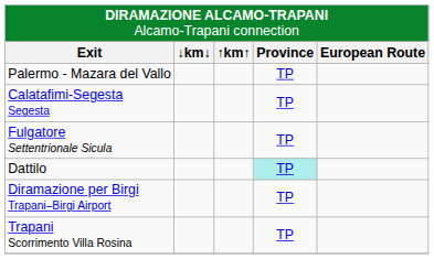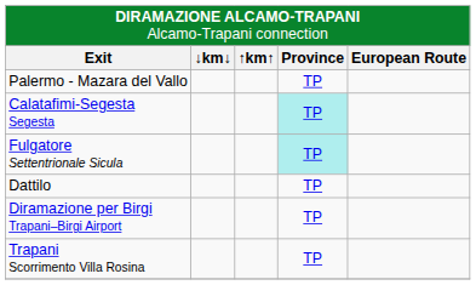 <table class="wikitable" border="1">
 <tr align="center" bgcolor="08842C" style="color: white;font-size:100%;">
 <td colspan="6"><strong> DIRAMAZIONE ALCAMO-TRAPANI</strong><br>Alcamo-Trapani connection</td>
 </tr>
 <tr>
 <th style="text-align:center;"><strong>Exit</strong></th>
 <th style="text-align:center;"><strong>↓km↓</strong></th>
 <th style="text-align:center;"><strong>↑km↑</strong></th>
 <th align="center"><strong>Province</strong></th>
 <th align="center"><strong>European Route</strong></th>
 </tr>
 <tr>
 <td>   Palermo - Mazara del Vallo</td>
 <td align="right"></td>
 <td align="right"></td>
 <td align="center"><a href='#'>TP</a></td>
 <td align="center"></td>
 </tr>
 <tr>
 <td> <a href='#'>Calatafimi-Segesta</a><br><small> <a href='#'>Segesta</a> </small></td>
 <td align="right"></td>
 <td align="right"></td>
-<td align="center"><a href='#'>TP</a></td>
+<td align="center" style="background: paleturquoise;"><a href='#'>TP</a></td>
 <td align="center"></td>
 </tr>
 <tr>
 <td> <a href='#'>Fulgatore</a><br>  <small><em>Settentrionale Sicula</em></small></td>
 <td align="right"></td>
 <td align="right"></td>
-<td align="center"><a href='#'>TP</a></td>
+<td align="center" style="background: paleturquoise;"><a href='#'>TP</a></td>
 <td align="center"></td>
 </tr>
 <tr>
 <td> Dattilo</td>
 <td align="right"></td>
 <td align="right"></td>
-<td align="center" style="background: paleturquoise;"><a href='#'>TP</a></td>
+<td align="center"><a href='#'>TP</a></td>
 <td align="center"></td>
 </tr>
 <tr>
 <td>  <a href='#'>Diramazione per Birgi</a><br> <small> <a href='#'>Trapani–Birgi Airport</a></small></td>
 <td align="right"></td>
 <td align="right"></td>
 <td align="center"><a href='#'>TP</a></td>
 <td align="center"></td>
 </tr>
 <tr>
 <td> <a href='#'>Trapani</a><br>  <small>Scorrimento Villa Rosina </small></td>
 <td align="right"></td>
 <td align="right"></td>
 <td align="center"><a href='#'>TP</a></td>
 <td align="center"></td>
 </tr>
 <tr>
 </tr>
 </table>
